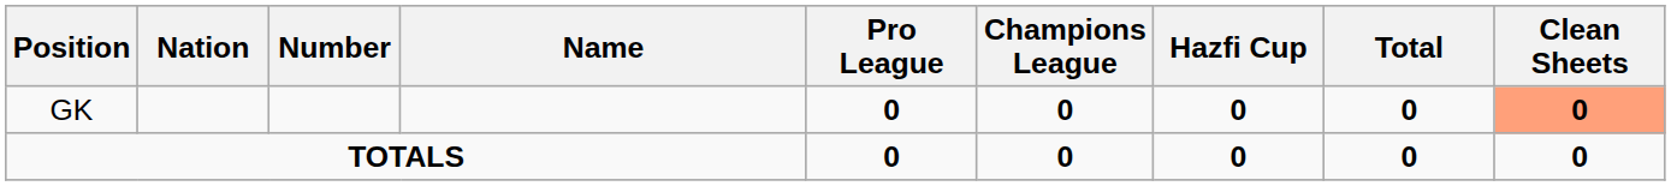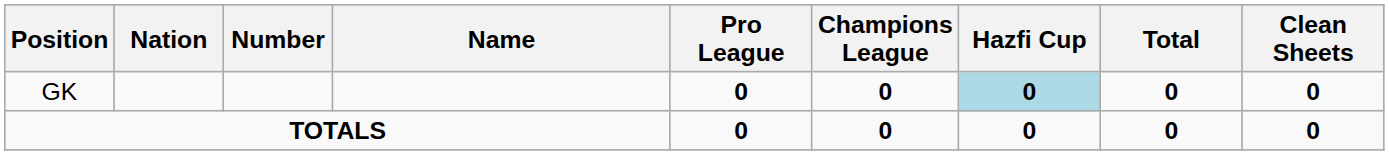 <table class="wikitable" style="font-size: 95%; text-align: center;">
 <tr>
 <th width=60>Position</th>
 <th width=60>Nation</th>
 <th width=60>Number</th>
 <th width=200>Name</th>
 <th width=80>Pro League</th>
 <th width=80>Champions League</th>
 <th width=80>Hazfi Cup</th>
 <th width=80>Total</th>
 <th width=80>Clean Sheets</th>
 </tr>
 <tr>
 <td>GK</td>
 <td></td>
 <td></td>
 <td></td>
 <td><strong>0</strong></td>
 <td><strong>0</strong></td>
+<td style="background: lightblue;"><strong>0</strong></td>
 <td><strong>0</strong></td>
 <td><strong>0</strong></td>
-<td style="background: lightsalmon;"><strong>0</strong></td>
 </tr>
 <tr>
 <td colspan="4"><strong>TOTALS</strong></td>
 <td><strong>0</strong></td>
 <td><strong>0</strong></td>
 <td><strong>0</strong></td>
 <td><strong>0</strong></td>
 <td><strong>0</strong></td>
 </tr>
 </table>
